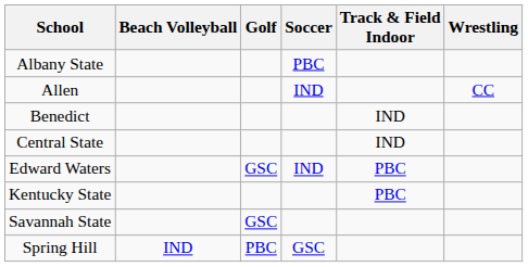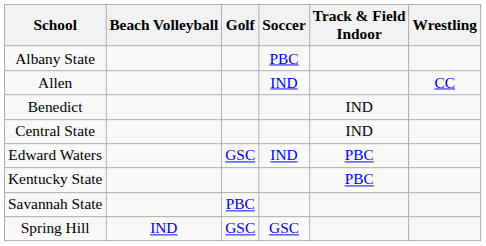 <table class="wikitable" style="text-align:center;">
 <tr>
 <th>School</th>
 <th>Beach Volleyball</th>
 <th>Golf</th>
 <th>Soccer</th>
 <th>Track & Field<br>Indoor</th>
 <th>Wrestling</th>
 </tr>
 <tr>
 <td>Albany State</td>
 <td></td>
 <td></td>
 <td><a href='#'>PBC</a></td>
 <td></td>
 <td></td>
 </tr>
 <tr>
 <td>Allen</td>
 <td></td>
 <td></td>
 <td><a href='#'>IND</a></td>
 <td></td>
 <td><a href='#'>CC</a></td>
 </tr>
 <tr>
 <td>Benedict</td>
 <td></td>
 <td></td>
 <td></td>
 <td>IND</td>
 <td></td>
 </tr>
 <tr>
 <td>Central State</td>
 <td></td>
 <td></td>
 <td></td>
 <td>IND</td>
 <td></td>
 </tr>
 <tr>
 <td>Edward Waters</td>
 <td></td>
 <td><a href='#'>GSC</a></td>
 <td><a href='#'>IND</a></td>
 <td><a href='#'>PBC</a></td>
 <td></td>
 </tr>
 <tr>
 <td>Kentucky State</td>
 <td></td>
 <td></td>
 <td></td>
 <td><a href='#'>PBC</a></td>
 <td></td>
 </tr>
 <tr>
 <td>Savannah State</td>
 <td></td>
-<td><a href='#'>GSC</a></td>
+<td><a href='#'>PBC</a></td>
 <td></td>
 <td></td>
 <td></td>
 </tr>
 <tr>
 <td>Spring Hill</td>
 <td><a href='#'>IND</a></td>
-<td><a href='#'>PBC</a></td>
+<td><a href='#'>GSC</a></td>
 <td><a href='#'>GSC</a></td>
 <td></td>
 <td></td>
 </tr>
 </table>
